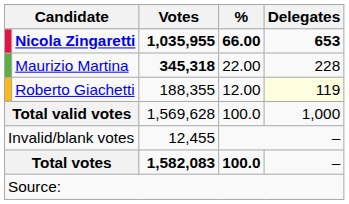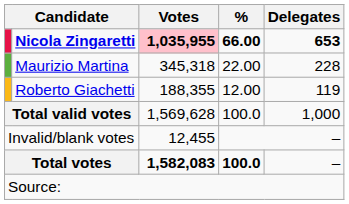 <table class="wikitable" style="font-size:95%">
 <tr bgcolor="#E9E9E9">
 <th rowspan="1" colspan="2">Candidate</th>
 <th rowspan="1" colspan="1">Votes</th>
 <th rowspan="1" colspan="1">%</th>
 <th rowspan="1" colspan="1">Delegates</th>
 </tr>
 <tr>
 <td style="color:inherit;background:#E61247"></td>
 <td align="left"><strong><a href='#'>Nicola Zingaretti</a></strong></td>
-<td align="right"><strong>1,035,955</strong></td>
+<td align="right" style="background: pink;"><strong>1,035,955</strong></td>
 <td align="right"><strong>66.00</strong></td>
 <td align="right"><strong>653</strong></td>
 </tr>
 <tr>
 <td style="color:inherit;background:#5BAF3E"></td>
 <td align="left"><a href='#'>Maurizio Martina</a></td>
-<td align="right"><strong>345,318</strong></td>
+<td align="right">345,318</td>
 <td align="right">22.00</td>
 <td align="right">228</td>
 </tr>
 <tr>
 <td style="color:inherit;background:#FBB917"></td>
 <td align="left"><a href='#'>Roberto Giachetti</a></td>
 <td align="right">188,355</td>
 <td align="right">12.00</td>
-<td align="right" style="background: lightyellow;">119</td>
+<td align="right">119</td>
 </tr>
 <tr>
 <th colspan="2" align="left">Total valid votes</th>
 <td align="right"> 1,569,628</td>
 <td align="right">100.0</td>
 <td align="right">1,000</td>
 </tr>
 <tr>
 <td colspan="2" align=left>Invalid/blank votes</td>
 <td align="right">12,455</td>
 <td align="right" colspan=2>–</td>
 </tr>
 <tr>
 <th colspan="2" align="left">Total votes</th>
 <td align="right"><strong>1,582,083</strong></td>
 <td align="right"><strong>100.0</strong></td>
 <td align="right">–</td>
 </tr>
 <tr>
 <td colspan="5">Source: </td>
 </tr>
 </table>
